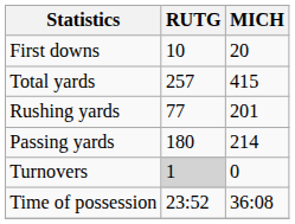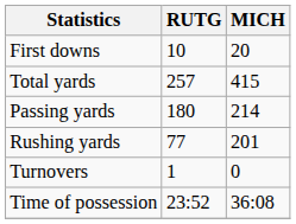 <table class="wikitable">
 <tr>
 <th>Statistics</th>
 <th>RUTG</th>
 <th>MICH</th>
 </tr>
 <tr>
 <td>First downs</td>
 <td>10</td>
 <td>20</td>
 </tr>
 <tr>
 <td>Total yards</td>
 <td>257</td>
 <td>415</td>
 </tr>
 <tr>
+<td>Passing yards</td>
+<td>180</td>
+<td>214</td>
+</tr>
+<tr>
 <td>Rushing yards</td>
 <td>77</td>
 <td>201</td>
 </tr>
 <tr>
-<td>Passing yards</td>
-<td>180</td>
-<td>214</td>
-</tr>
-<tr>
 <td>Turnovers</td>
-<td style="background: lightgrey;">1</td>
+<td>1</td>
 <td>0</td>
 </tr>
 <tr>
 <td>Time of possession</td>
 <td>23:52</td>
 <td>36:08</td>
 </tr>
 <tr>
 </tr>
 </table>
